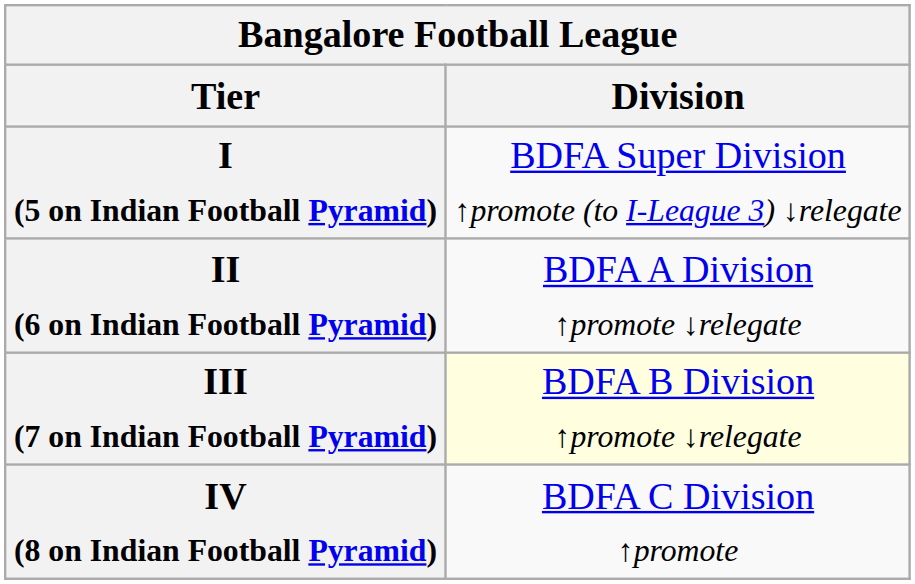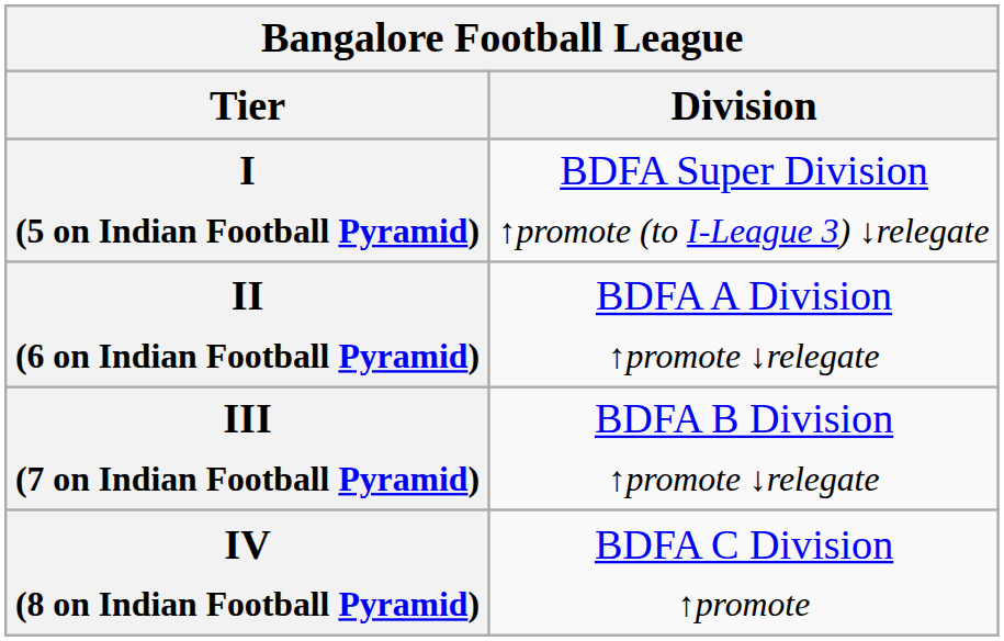 <table class="wikitable" style="text-align:center;">
 <tr>
 <th colspan="2">Bangalore Football League</th>
 </tr>
 <tr>
 <th>Tier</th>
 <th>Division</th>
 </tr>
 <tr>
 <th>I<br><sub>(5 on Indian Football <a href='#'>Pyramid</a>)</sub></th>
 <td><a href='#'>BDFA Super Division</a> <br><em><sub>↑promote (to <a href='#'>I-League 3</a>) ↓relegate</sub></em></td>
 </tr>
 <tr>
 <th>II<br><sub>(6 on Indian Football <a href='#'>Pyramid</a>)</sub></th>
 <td><a href='#'>BDFA A Division</a> <br><em><sub>↑promote ↓relegate</sub></em></td>
 </tr>
 <tr>
 <th>III<br><sub>(7 on Indian Football <a href='#'>Pyramid</a>)</sub></th>
-<td style="background: lightyellow;"><a href='#'>BDFA B Division</a> <br><em><sub>↑promote ↓relegate</sub></em></td>
+<td><a href='#'>BDFA B Division</a> <br><em><sub>↑promote ↓relegate</sub></em></td>
 </tr>
 <tr>
 <th>IV<br><sub>(8 on Indian Football <a href='#'>Pyramid</a>)</sub></th>
 <td><a href='#'>BDFA C Division</a> <br><em><sub>↑promote</sub></em></td>
 </tr>
 </table>
